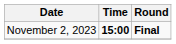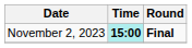 <table class="wikitable">
 <tr>
 <th>Date</th>
 <th>Time</th>
 <th>Round</th>
 </tr>
 <tr>
 <td>November 2, 2023</td>
-<td><strong>15:00</strong></td>
+<td style="background: paleturquoise;"><strong>15:00</strong></td>
 <td><strong>Final</strong></td>
 </tr>
 <tr>
 </tr>
 </table>
